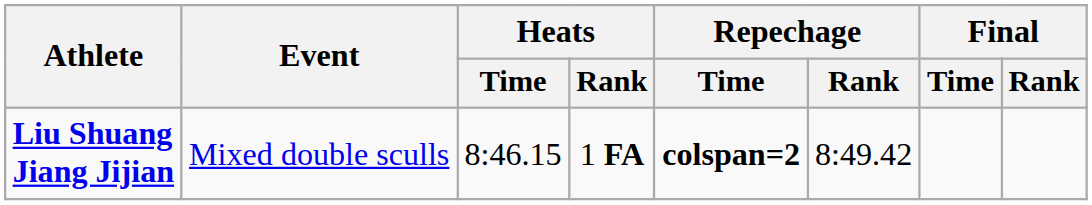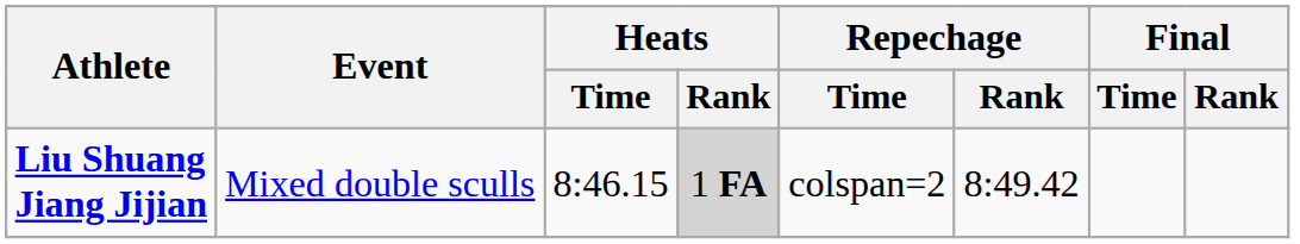 <table class="wikitable" style="font-size:90%">
 <tr>
 <th rowspan=2>Athlete</th>
 <th rowspan=2>Event</th>
 <th colspan=2>Heats</th>
 <th colspan=2>Repechage</th>
 <th colspan=2>Final</th>
 </tr>
 <tr style="font-size:95%">
 <th>Time</th>
 <th>Rank</th>
 <th>Time</th>
 <th>Rank</th>
 <th>Time</th>
 <th>Rank</th>
 </tr>
 <tr align=center>
 <td align=left><strong><a href='#'>Liu Shuang</a><br><a href='#'>Jiang Jijian</a></strong></td>
 <td align=left><a href='#'>Mixed double sculls</a></td>
 <td>8:46.15</td>
-<td>1 <strong>FA</strong></td>
-<td><strong>colspan=2 </strong></td>
+<td style="background: lightgrey;">1 <strong>FA</strong></td>
+<td>colspan=2 </td>
 <td>8:49.42</td>
 <td></td>
 </tr>
 </table>
